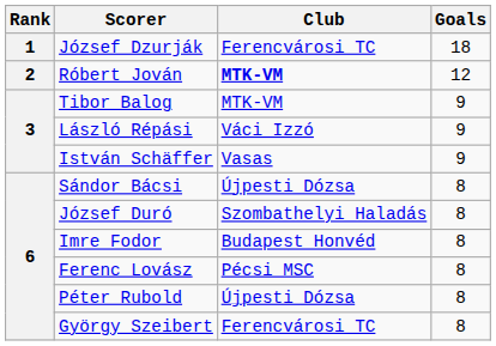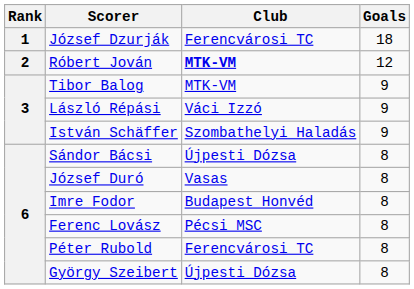 <table class="wikitable" style="text-align:center">
 <tr>
 <th>Rank</th>
 <th>Scorer</th>
 <th>Club</th>
 <th>Goals</th>
 </tr>
 <tr>
 <th rowspan="1">1</th>
 <td align=left> <a href='#'>József Dzurják</a></td>
 <td align=left><a href='#'>Ferencvárosi TC</a></td>
 <td>18</td>
 </tr>
 <tr>
 <th rowspan="1">2</th>
 <td align=left> <a href='#'>Róbert Jován</a></td>
 <td align=left><strong><a href='#'>MTK-VM</a></strong></td>
 <td>12</td>
 </tr>
 <tr>
 <th rowspan="3">3</th>
 <td align=left> <a href='#'>Tibor Balog</a></td>
 <td align=left><a href='#'>MTK-VM</a></td>
 <td>9</td>
 </tr>
 <tr>
 <td align=left> <a href='#'>László Répási</a></td>
 <td align=left><a href='#'>Váci Izzó</a></td>
 <td>9</td>
 </tr>
 <tr>
 <td align=left> <a href='#'>István Schäffer</a></td>
-<td align=left><a href='#'>Vasas</a></td>
+<td align=left><a href='#'>Szombathelyi Haladás</a></td>
 <td>9</td>
 </tr>
 <tr>
 <th rowspan="6">6</th>
 <td align=left> <a href='#'>Sándor Bácsi</a></td>
 <td align=left><a href='#'>Újpesti Dózsa</a></td>
 <td>8</td>
 </tr>
 <tr>
 <td align=left> <a href='#'>József Duró</a></td>
-<td align=left><a href='#'>Szombathelyi Haladás</a></td>
+<td align=left><a href='#'>Vasas</a></td>
 <td>8</td>
 </tr>
 <tr>
 <td align=left> <a href='#'>Imre Fodor</a></td>
 <td align=left><a href='#'>Budapest Honvéd</a></td>
 <td>8</td>
 </tr>
 <tr>
 <td align=left> <a href='#'>Ferenc Lovász</a></td>
 <td align=left><a href='#'>Pécsi MSC</a></td>
 <td>8</td>
 </tr>
 <tr>
 <td align=left> <a href='#'>Péter Rubold</a></td>
-<td align=left><a href='#'>Újpesti Dózsa</a></td>
+<td align=left><a href='#'>Ferencvárosi TC</a></td>
 <td>8</td>
 </tr>
 <tr>
 <td align=left> <a href='#'>György Szeibert</a></td>
-<td align=left><a href='#'>Ferencvárosi TC</a></td>
+<td align=left><a href='#'>Újpesti Dózsa</a></td>
 <td>8</td>
 </tr>
 </table>
